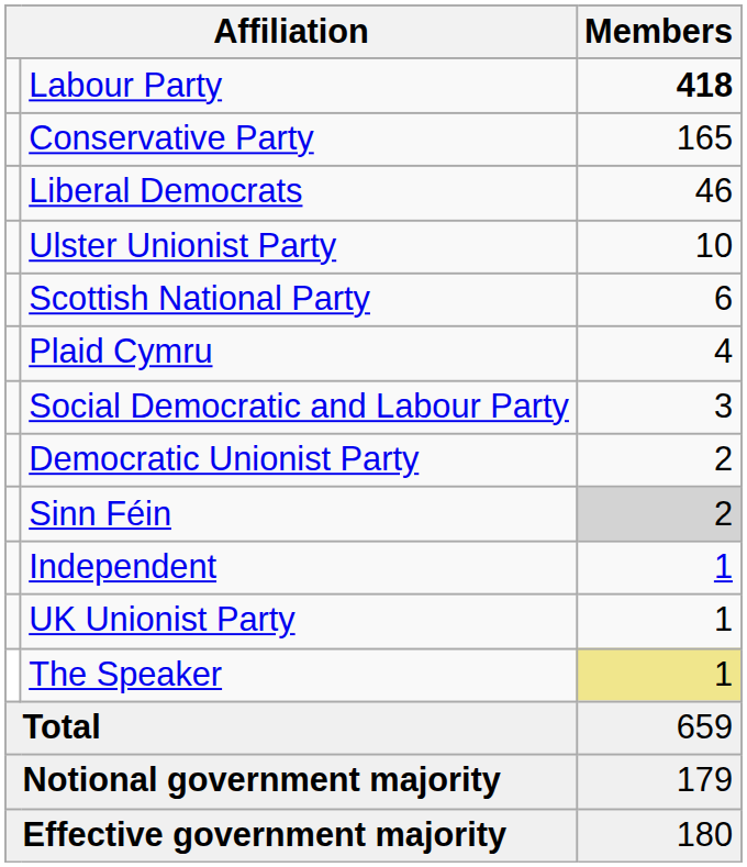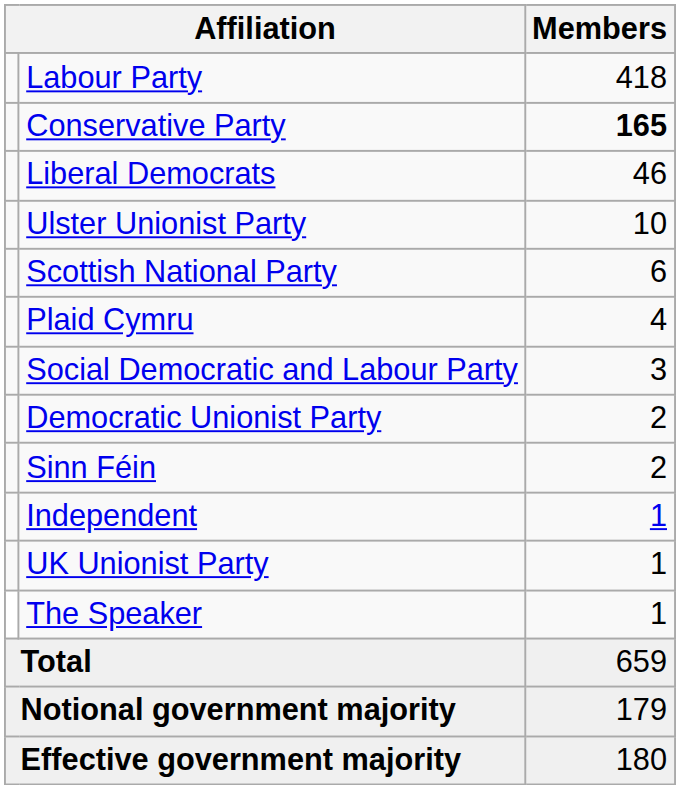 <table class="wikitable">
 <tr>
 <th valign="top" colspan=2>Affiliation</th>
 <th valign="top">Members</th>
 </tr>
 <tr>
 <td style="color:inherit;background:"></td>
 <td><a href='#'>Labour Party</a></td>
-<td align="right"><strong>418</strong></td>
+<td align="right">418</td>
 </tr>
 <tr>
 <td style="color:inherit;background:"></td>
 <td><a href='#'>Conservative Party</a></td>
-<td align="right">165</td>
+<td align="right"><strong>165</strong></td>
 </tr>
 <tr>
 <td style="color:inherit;background:"></td>
 <td><a href='#'>Liberal Democrats</a></td>
 <td align="right">46</td>
 </tr>
 <tr>
 <td style="color:inherit;background:"></td>
 <td><a href='#'>Ulster Unionist Party</a></td>
 <td align="right">10</td>
 </tr>
 <tr>
 <td style="color:inherit;background:"></td>
 <td><a href='#'>Scottish National Party</a></td>
 <td align="right">6</td>
 </tr>
 <tr>
 <td style="color:inherit;background:"></td>
 <td><a href='#'>Plaid Cymru</a></td>
 <td align="right">4</td>
 </tr>
 <tr>
 <td style="color:inherit;background:"></td>
 <td><a href='#'>Social Democratic and Labour Party</a></td>
 <td align="right">3</td>
 </tr>
 <tr>
 <td style="color:inherit;background:"></td>
 <td><a href='#'>Democratic Unionist Party</a></td>
 <td align="right">2</td>
 </tr>
 <tr>
 <td style="color:inherit;background:"></td>
 <td><a href='#'>Sinn Féin</a></td>
-<td align="right" style="background: lightgrey;">2</td>
+<td align="right">2</td>
 </tr>
 <tr>
 <td style="color:inherit;background:"></td>
 <td><a href='#'>Independent</a></td>
 <td align="right"><a href='#'>1</a></td>
 </tr>
 <tr>
 <td style="color:inherit;background:"></td>
 <td><a href='#'>UK Unionist Party</a></td>
 <td align="right">1</td>
 </tr>
 <tr>
 <td bgcolor="white"></td>
 <td><a href='#'>The Speaker</a></td>
-<td align="right" style="background: khaki;">1</td>
+<td align="right">1</td>
 </tr>
 <tr style="background:#f0f0f0">
 <td colspan=2 rowspan=1> <strong>Total</strong></td>
 <td align="right">659</td>
 </tr>
 <tr style="background:#f0f0f0">
 <td colspan=2 rowspan=1> <strong>Notional government majority</strong></td>
 <td align="right">179</td>
 </tr>
 <tr style="background:#f0f0f0">
 <td colspan=2 rowspan=1> <strong>Effective government majority</strong></td>
 <td align="right">180</td>
 </tr>
 </table>
